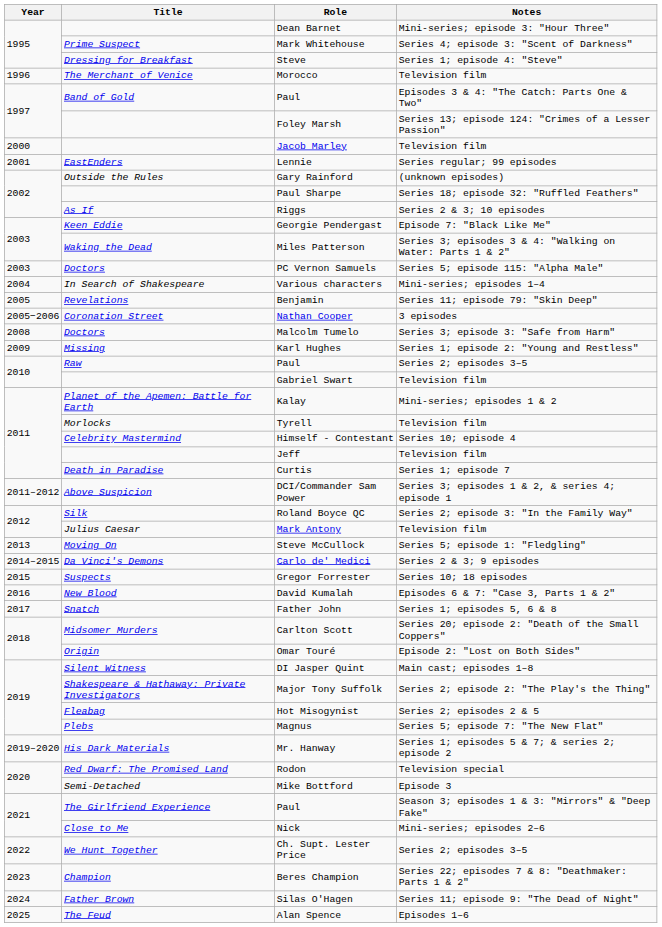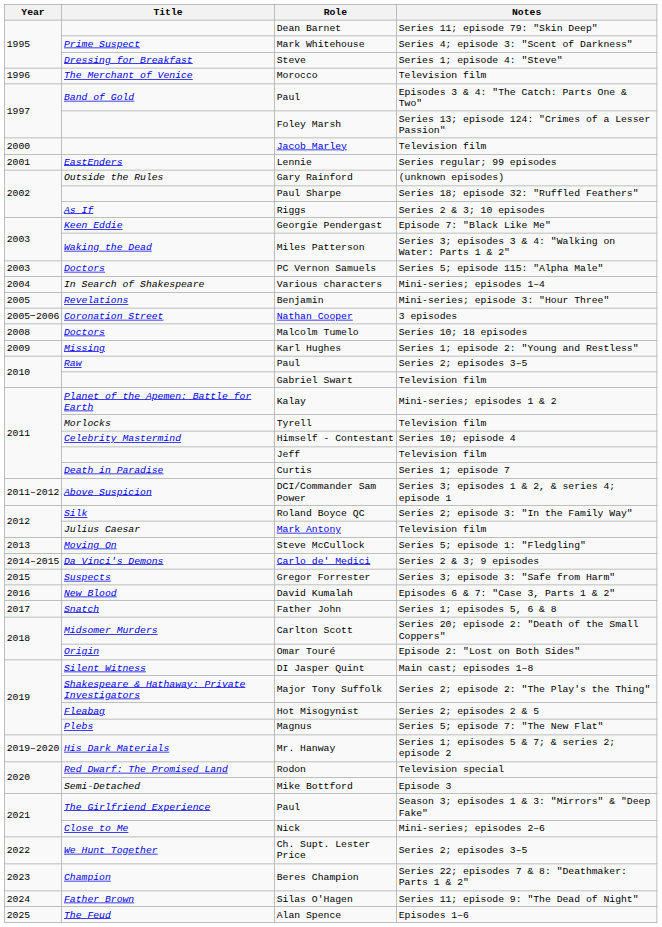 <table class="wikitable sortable">
 <tr>
 <th>Year</th>
 <th>Title</th>
 <th>Role</th>
 <th class="unsortable">Notes</th>
 </tr>
 <tr>
 <td rowspan=3>1995</td>
 <td><em></em></td>
 <td>Dean Barnet</td>
-<td>Mini-series; episode 3: "Hour Three"</td>
+<td>Series 11; episode 79: "Skin Deep"</td>
 </tr>
 <tr>
 <td><em><a href='#'>Prime Suspect</a></em></td>
 <td>Mark Whitehouse</td>
 <td>Series 4; episode 3: "Scent of Darkness"</td>
 </tr>
 <tr>
 <td><em><a href='#'>Dressing for Breakfast</a></em></td>
 <td>Steve</td>
 <td>Series 1; episode 4: "Steve"</td>
 </tr>
 <tr>
 <td>1996</td>
 <td><em><a href='#'>The Merchant of Venice</a></em></td>
 <td>Morocco</td>
 <td>Television film</td>
 </tr>
 <tr>
 <td rowspan=2>1997</td>
 <td><em><a href='#'>Band of Gold</a></em></td>
 <td>Paul</td>
 <td>Episodes 3 & 4: "The Catch: Parts One & Two"</td>
 </tr>
 <tr>
 <td><em></em></td>
 <td>Foley Marsh</td>
 <td>Series 13; episode 124: "Crimes of a Lesser Passion"</td>
 </tr>
 <tr>
 <td>2000</td>
 <td><em></em></td>
 <td><a href='#'>Jacob Marley</a></td>
 <td>Television film</td>
 </tr>
 <tr>
 <td>2001</td>
 <td><em><a href='#'>EastEnders</a></em></td>
 <td>Lennie</td>
 <td>Series regular; 99 episodes</td>
 </tr>
 <tr>
 <td rowspan=3>2002</td>
 <td><em>Outside the Rules</em></td>
 <td>Gary Rainford</td>
 <td>(unknown episodes)</td>
 </tr>
 <tr>
 <td><em></em></td>
 <td>Paul Sharpe</td>
 <td>Series 18; episode 32: "Ruffled Feathers"</td>
 </tr>
 <tr>
 <td><em><a href='#'>As If</a></em></td>
 <td>Riggs</td>
 <td>Series 2 & 3; 10 episodes</td>
 </tr>
 <tr>
 <td rowspan=2>2003</td>
 <td><em><a href='#'>Keen Eddie</a></em></td>
 <td>Georgie Pendergast</td>
 <td>Episode 7: "Black Like Me"</td>
 </tr>
 <tr>
 <td><em><a href='#'>Waking the Dead</a></em></td>
 <td>Miles Patterson</td>
 <td>Series 3; episodes 3 & 4: "Walking on Water: Parts 1 & 2"</td>
 </tr>
 <tr>
 <td>2003</td>
 <td><em><a href='#'>Doctors</a></em></td>
 <td>PC Vernon Samuels</td>
 <td>Series 5; episode 115: "Alpha Male"</td>
 </tr>
 <tr>
 <td>2004</td>
 <td><em>In Search of Shakespeare</em></td>
 <td>Various characters</td>
 <td>Mini-series; episodes 1–4</td>
 </tr>
 <tr>
 <td>2005</td>
 <td><em><a href='#'>Revelations</a></em></td>
 <td>Benjamin</td>
-<td>Series 11; episode 79: "Skin Deep"</td>
+<td>Mini-series; episode 3: "Hour Three"</td>
 </tr>
 <tr>
 <td>2005−2006</td>
 <td><em><a href='#'>Coronation Street</a></em></td>
 <td><a href='#'>Nathan Cooper</a></td>
 <td>3 episodes</td>
 </tr>
 <tr>
 <td>2008</td>
 <td><em><a href='#'>Doctors</a></em></td>
 <td>Malcolm Tumelo</td>
-<td>Series 3; episode 3: "Safe from Harm"</td>
+<td>Series 10; 18 episodes</td>
 </tr>
 <tr>
 <td>2009</td>
 <td><em><a href='#'>Missing</a></em></td>
 <td>Karl Hughes</td>
 <td>Series 1; episode 2: "Young and Restless"</td>
 </tr>
 <tr>
 <td rowspan=2>2010</td>
 <td><em><a href='#'>Raw</a></em></td>
 <td>Paul</td>
 <td>Series 2; episodes 3–5</td>
 </tr>
 <tr>
 <td><em></em></td>
 <td>Gabriel Swart</td>
 <td>Television film</td>
 </tr>
 <tr>
 <td rowspan=5>2011</td>
 <td><em><a href='#'>Planet of the Apemen: Battle for Earth</a></em></td>
 <td>Kalay</td>
 <td>Mini-series; episodes 1 & 2</td>
 </tr>
 <tr>
 <td><em>Morlocks</em></td>
 <td>Tyrell</td>
 <td>Television film</td>
 </tr>
 <tr>
 <td><em><a href='#'>Celebrity Mastermind</a></em></td>
 <td>Himself - Contestant</td>
 <td>Series 10; episode 4</td>
 </tr>
 <tr>
 <td><em></em></td>
 <td>Jeff</td>
 <td>Television film</td>
 </tr>
 <tr>
 <td><em><a href='#'>Death in Paradise</a></em></td>
 <td>Curtis</td>
 <td>Series 1; episode 7</td>
 </tr>
 <tr>
 <td>2011–2012</td>
 <td><em><a href='#'>Above Suspicion</a></em></td>
 <td>DCI/Commander Sam Power</td>
 <td>Series 3; episodes 1 & 2, & series 4; episode 1</td>
 </tr>
 <tr>
 <td rowspan=2>2012</td>
 <td><em><a href='#'>Silk</a></em></td>
 <td>Roland Boyce QC</td>
 <td>Series 2; episode 3: "In the Family Way"</td>
 </tr>
 <tr>
 <td><em>Julius Caesar</em></td>
 <td><a href='#'>Mark Antony</a></td>
 <td>Television film</td>
 </tr>
 <tr>
 <td>2013</td>
 <td><em><a href='#'>Moving On</a></em></td>
 <td>Steve McCullock</td>
 <td>Series 5; episode 1: "Fledgling"</td>
 </tr>
 <tr>
 <td>2014–2015</td>
 <td><em><a href='#'>Da Vinci's Demons</a></em></td>
 <td><a href='#'>Carlo de' Medici</a></td>
 <td>Series 2 & 3; 9 episodes</td>
 </tr>
 <tr>
 <td>2015</td>
 <td><em><a href='#'>Suspects</a></em></td>
 <td>Gregor Forrester</td>
-<td>Series 10; 18 episodes</td>
+<td>Series 3; episode 3: "Safe from Harm"</td>
 </tr>
 <tr>
 <td>2016</td>
 <td><em><a href='#'>New Blood</a></em></td>
 <td>David Kumalah</td>
 <td>Episodes 6 & 7: "Case 3, Parts 1 & 2"</td>
 </tr>
 <tr>
 <td>2017</td>
 <td><em><a href='#'>Snatch</a></em></td>
 <td>Father John</td>
 <td>Series 1; episodes 5, 6 & 8</td>
 </tr>
 <tr>
 <td rowspan=2>2018</td>
 <td><em><a href='#'>Midsomer Murders</a></em></td>
 <td>Carlton Scott</td>
 <td>Series 20; episode 2: "Death of the Small Coppers"</td>
 </tr>
 <tr>
 <td><em><a href='#'>Origin</a></em></td>
 <td>Omar Touré</td>
 <td>Episode 2: "Lost on Both Sides"</td>
 </tr>
 <tr>
 <td rowspan=4>2019</td>
 <td><em><a href='#'>Silent Witness</a></em></td>
 <td>DI Jasper Quint</td>
 <td>Main cast; episodes 1–8</td>
 </tr>
 <tr>
 <td><em><a href='#'>Shakespeare & Hathaway: Private Investigators</a></em></td>
 <td>Major Tony Suffolk</td>
 <td>Series 2; episode 2: "The Play's the Thing"</td>
 </tr>
 <tr>
 <td><em><a href='#'>Fleabag</a></em></td>
 <td>Hot Misogynist</td>
 <td>Series 2; episodes 2 & 5</td>
 </tr>
 <tr>
 <td><em><a href='#'>Plebs</a></em></td>
 <td>Magnus</td>
 <td>Series 5; episode 7: "The New Flat"</td>
 </tr>
 <tr>
 <td>2019–2020</td>
 <td><em><a href='#'>His Dark Materials</a></em></td>
 <td>Mr. Hanway</td>
 <td>Series 1; episodes 5 & 7; & series 2; episode 2</td>
 </tr>
 <tr>
 <td rowspan=2>2020</td>
 <td><em><a href='#'>Red Dwarf: The Promised Land</a></em></td>
 <td>Rodon</td>
 <td>Television special</td>
 </tr>
 <tr>
 <td><em>Semi-Detached</em></td>
 <td>Mike Bottford</td>
 <td>Episode 3</td>
 </tr>
 <tr>
 <td rowspan=2>2021</td>
 <td><em><a href='#'>The Girlfriend Experience</a></em></td>
 <td>Paul</td>
 <td>Season 3; episodes 1 & 3: "Mirrors" & "Deep Fake"</td>
 </tr>
 <tr>
 <td><em><a href='#'>Close to Me</a></em></td>
 <td>Nick</td>
 <td>Mini-series; episodes 2–6</td>
 </tr>
 <tr>
 <td>2022</td>
 <td><em><a href='#'>We Hunt Together</a></em></td>
 <td>Ch. Supt. Lester Price</td>
 <td>Series 2; episodes 3–5</td>
 </tr>
 <tr>
 <td>2023</td>
 <td><em><a href='#'>Champion</a></em></td>
 <td>Beres Champion</td>
 <td>Series 22; episodes 7 & 8: "Deathmaker: Parts 1 & 2"</td>
 </tr>
 <tr>
 <td>2024</td>
 <td><em><a href='#'>Father Brown</a></em></td>
 <td>Silas O'Hagen</td>
 <td>Series 11; episode 9: "The Dead of Night"</td>
 </tr>
 <tr>
 <td>2025</td>
 <td><em><a href='#'>The Feud</a></em></td>
 <td>Alan Spence</td>
 <td>Episodes 1–6</td>
 </tr>
 </table>
